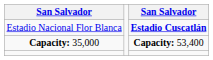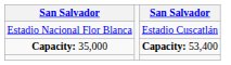 <table class="wikitable" style="text-align:center">
 <tr>
 <th><a href='#'>San Salvador</a></th>
 <td rowspan="4"></td>
 <th><a href='#'>San Salvador</a></th>
 </tr>
 <tr>
 <td><a href='#'>Estadio Nacional Flor Blanca</a></td>
-<td><strong><a href='#'>Estadio Cuscatlán</a></strong></td>
+<td><a href='#'>Estadio Cuscatlán</a></td>
 </tr>
 <tr>
 <td><strong>Capacity:</strong> 35,000</td>
 <td><strong>Capacity:</strong> 53,400</td>
 </tr>
 <tr>
 <td></td>
 <td></td>
 </tr>
 </table>
